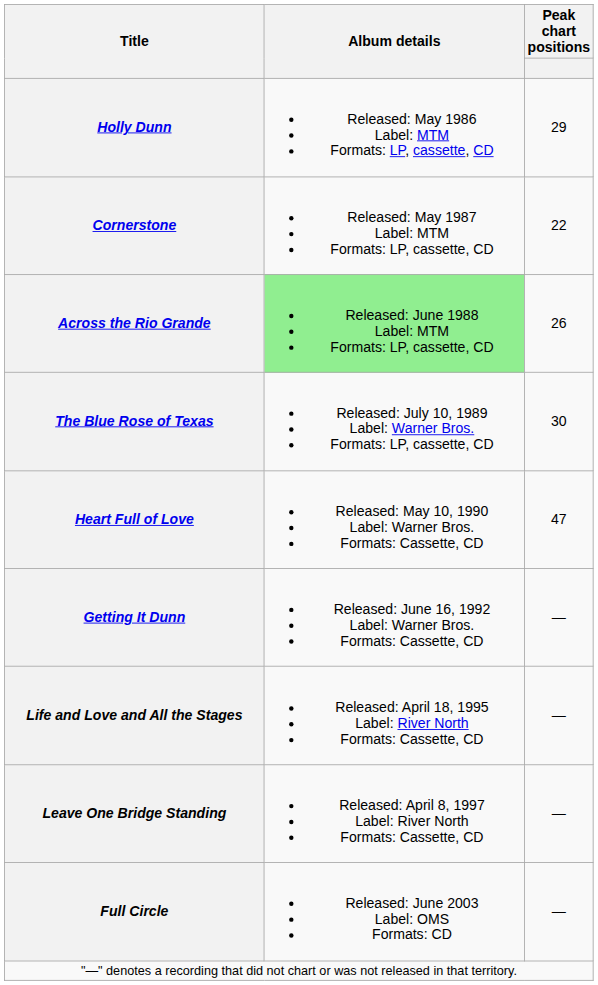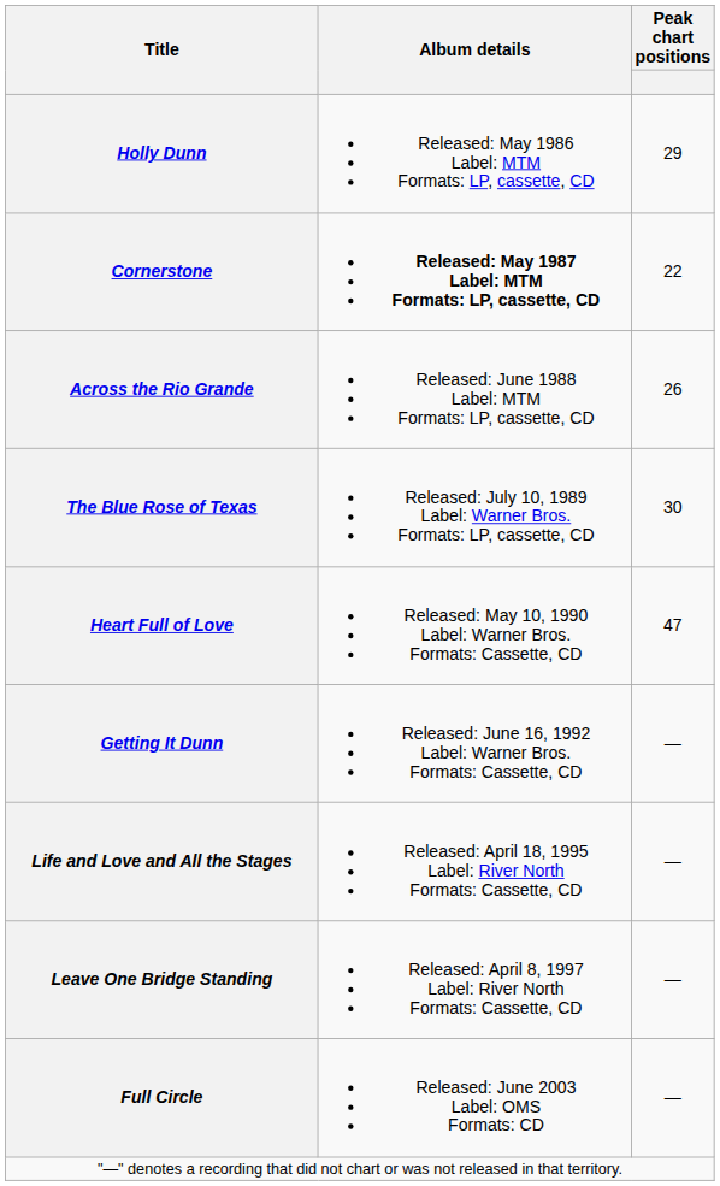 <table class="wikitable plainrowheaders" style="text-align:center;">
 <tr>
 <th scope="col" rowspan="2" style="width:18em;">Title</th>
 <th scope="col" rowspan="2" style="width:18em;">Album details</th>
 <th scope="col" colspan="1">Peak<br>chart<br>positions</th>
 </tr>
 <tr>
 <th scope="col" style="width:3em;font-size:90%;"><a href='#'></a><br></th>
 </tr>
 <tr>
 <th scope="row"><em><a href='#'>Holly Dunn</a></em></th>
 <td><br><ul><li>Released: May 1986</li><li>Label: <a href='#'>MTM</a></li><li>Formats: <a href='#'>LP</a>, <a href='#'>cassette</a>, <a href='#'>CD</a></li></ul></td>
 <td>29</td>
 </tr>
 <tr>
 <th scope="row"><em><a href='#'>Cornerstone</a></em></th>
-<td><br><ul><li>Released: May 1987</li><li>Label: MTM</li><li>Formats: LP, cassette, CD</li></ul></td>
+<td><strong><br><ul><li>Released: May 1987</li><li>Label: MTM</li><li>Formats: LP, cassette, CD</li></ul></strong></td>
 <td>22</td>
 </tr>
 <tr>
 <th scope="row"><em><a href='#'>Across the Rio Grande</a></em></th>
-<td style="background: lightgreen;"><br><ul><li>Released: June 1988</li><li>Label: MTM</li><li>Formats: LP, cassette, CD</li></ul></td>
+<td><br><ul><li>Released: June 1988</li><li>Label: MTM</li><li>Formats: LP, cassette, CD</li></ul></td>
 <td>26</td>
 </tr>
 <tr>
 <th scope="row"><em><a href='#'>The Blue Rose of Texas</a></em></th>
 <td><br><ul><li>Released: July 10, 1989</li><li>Label: <a href='#'>Warner Bros.</a></li><li>Formats: LP, cassette, CD</li></ul></td>
 <td>30</td>
 </tr>
 <tr>
 <th scope="row"><em><a href='#'>Heart Full of Love</a></em></th>
 <td><br><ul><li>Released: May 10, 1990</li><li>Label: Warner Bros.</li><li>Formats: Cassette, CD</li></ul></td>
 <td>47</td>
 </tr>
 <tr>
 <th scope="row"><em><a href='#'>Getting It Dunn</a></em></th>
 <td><br><ul><li>Released: June 16, 1992</li><li>Label: Warner Bros.</li><li>Formats: Cassette, CD</li></ul></td>
 <td>—</td>
 </tr>
 <tr>
 <th scope="row"><em>Life and Love and All the Stages</em></th>
 <td><br><ul><li>Released: April 18, 1995</li><li>Label: <a href='#'>River North</a></li><li>Formats: Cassette, CD</li></ul></td>
 <td>—</td>
 </tr>
 <tr>
 <th scope="row"><em>Leave One Bridge Standing</em></th>
 <td><br><ul><li>Released: April 8, 1997</li><li>Label: River North</li><li>Formats: Cassette, CD</li></ul></td>
 <td>—</td>
 </tr>
 <tr>
 <th scope="row"><em>Full Circle</em></th>
 <td><br><ul><li>Released: June 2003</li><li>Label: OMS</li><li>Formats: CD</li></ul></td>
 <td>—</td>
 </tr>
 <tr>
 <td colspan="3" style="font-size:90%">"—" denotes a recording that did not chart or was not released in that territory.</td>
 </tr>
 </table>
